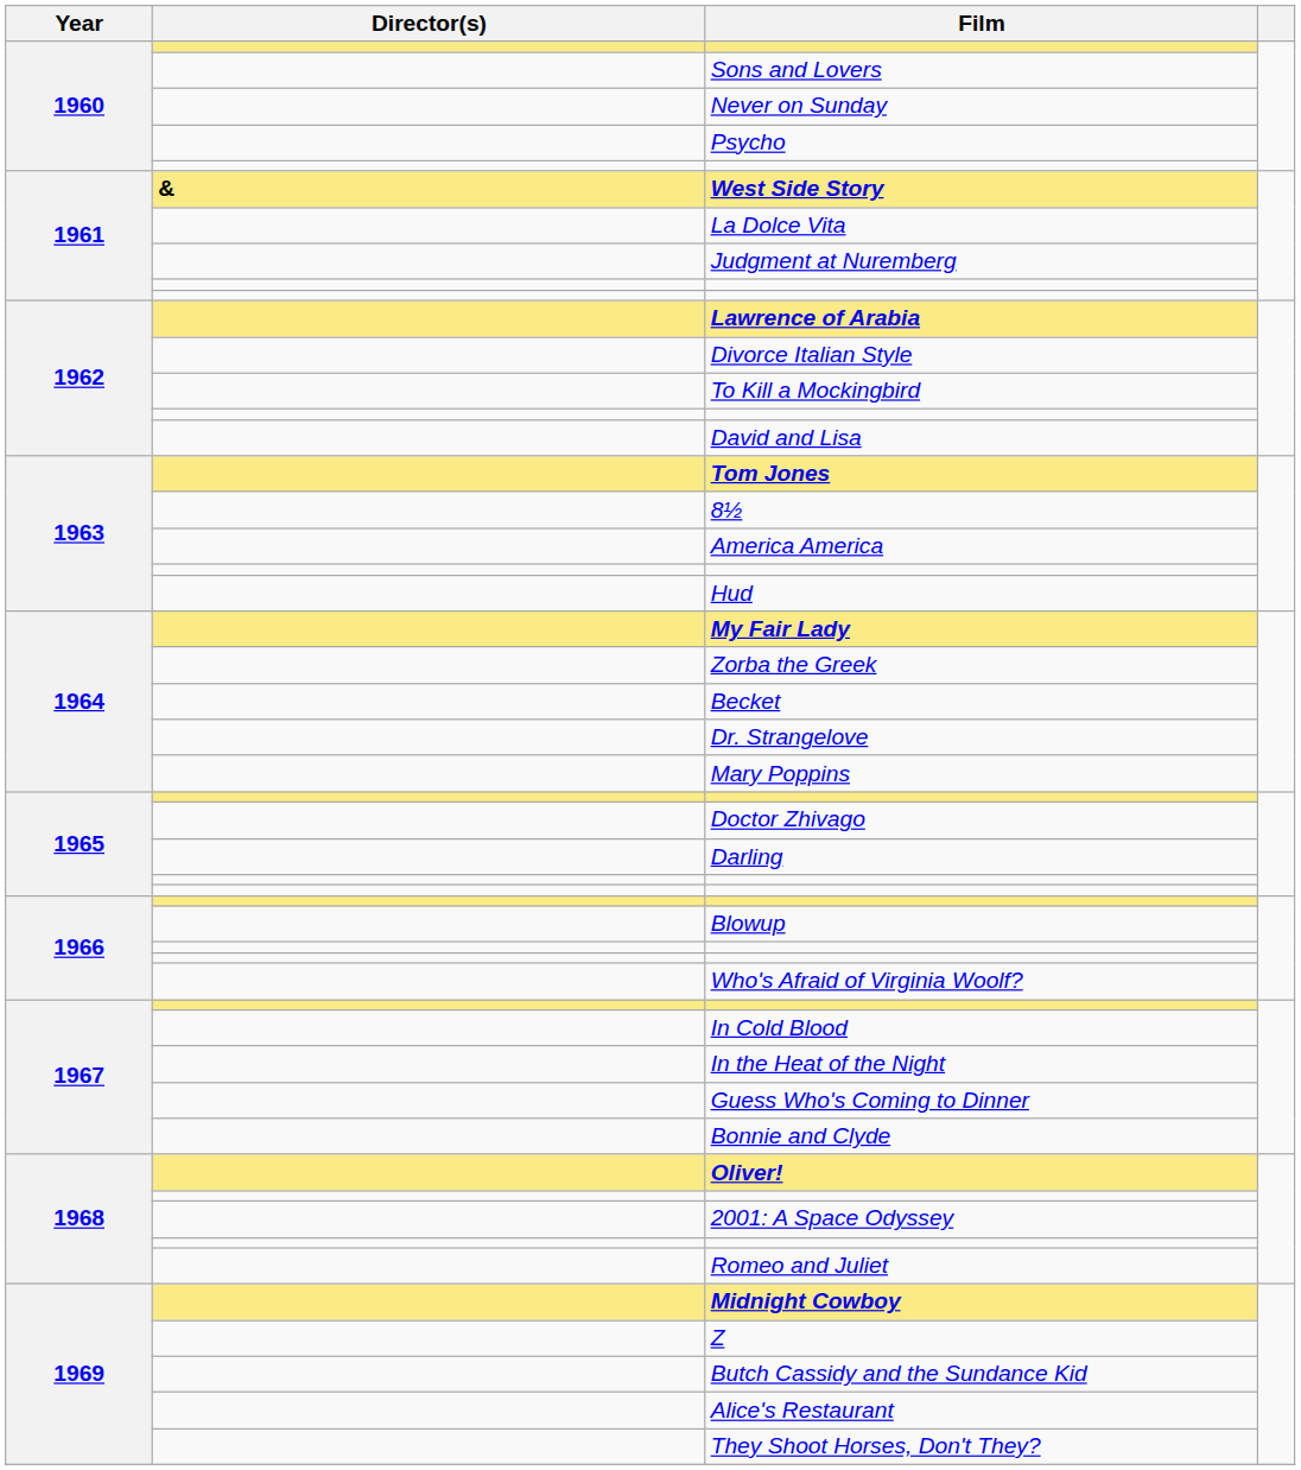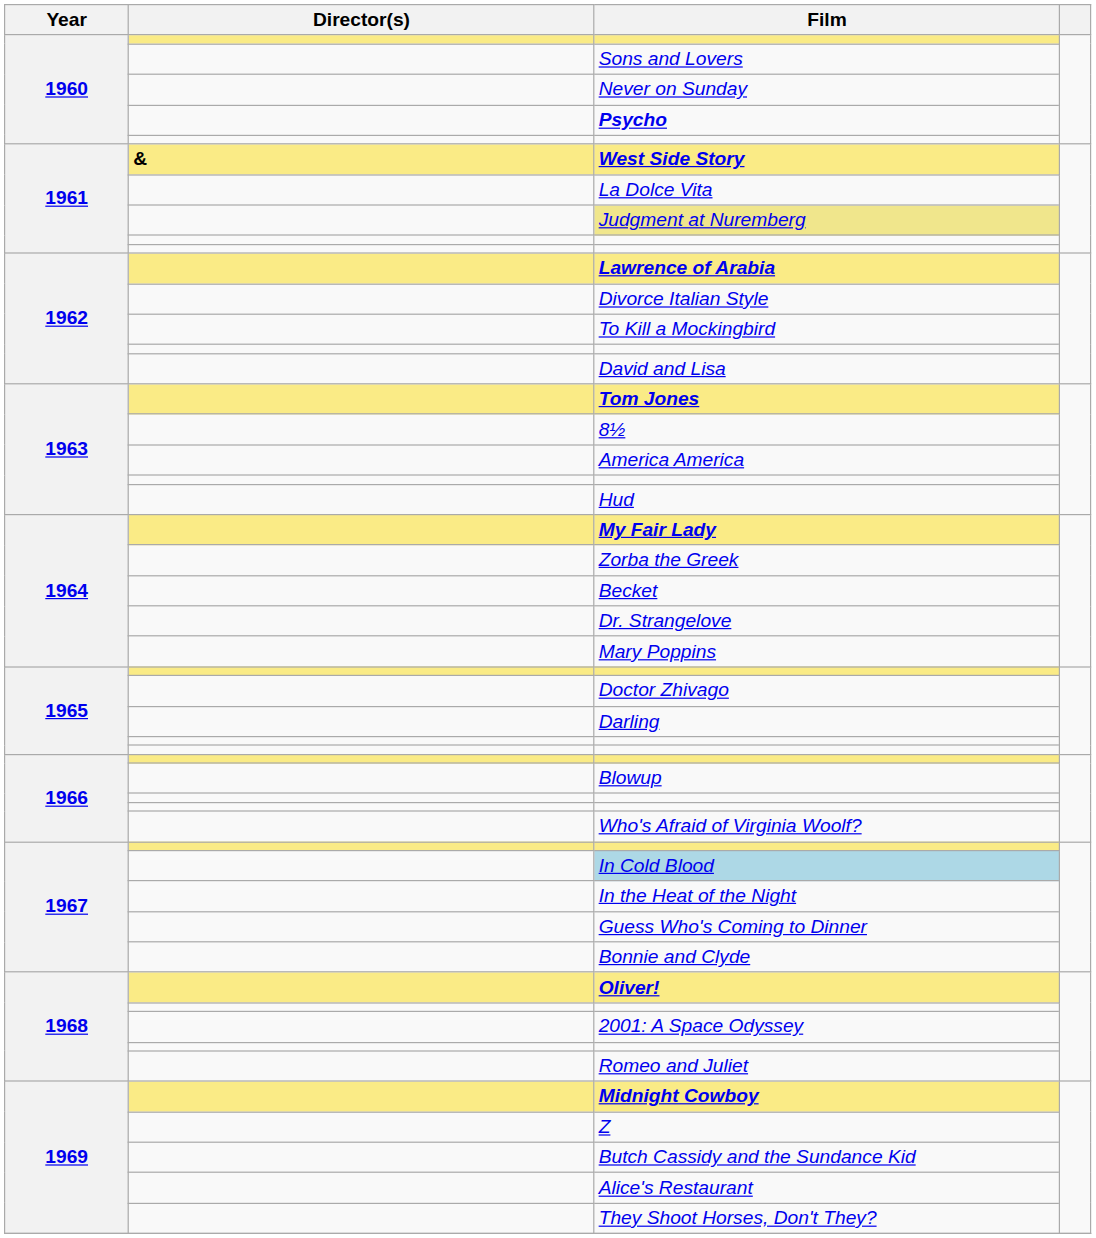 <table class="wikitable sortable">
 <tr>
 <th scope="col" style="width:8%;">Year</th>
 <th scope="col" style="width:30%;">Director(s)</th>
 <th scope="col" style="width:30%;">Film</th>
 <th scope="col" style="width:2%;" class="unsortable"></th>
 </tr>
 <tr>
 <th scope="row" rowspan=5 style="text-align:center;"><a href='#'>1960</a><br></th>
 <td style="background:#FAEB86;"><strong></strong></td>
 <td style="background:#FAEB86;"><strong></strong></td>
 <td rowspan="5"></td>
 </tr>
 <tr>
 <td></td>
 <td><em><a href='#'>Sons and Lovers</a></em></td>
 </tr>
 <tr>
 <td></td>
 <td><em><a href='#'>Never on Sunday</a></em></td>
 </tr>
 <tr>
 <td></td>
-<td><em><a href='#'>Psycho</a></em></td>
+<td><strong><em><a href='#'>Psycho</a></em></strong></td>
 </tr>
 <tr>
 <td></td>
 <td></td>
 </tr>
 <tr>
 <th scope="row" rowspan=5 style="text-align:center;"><a href='#'>1961</a><br></th>
 <td style="background:#FAEB86;"><strong> & </strong></td>
 <td style="background:#FAEB86;"><strong><em><a href='#'>West Side Story</a></em></strong></td>
 <td rowspan="5"></td>
 </tr>
 <tr>
 <td></td>
 <td><em><a href='#'>La Dolce Vita</a></em></td>
 </tr>
 <tr>
 <td></td>
-<td><em><a href='#'>Judgment at Nuremberg</a></em></td>
+<td style="background: khaki;"><em><a href='#'>Judgment at Nuremberg</a></em></td>
 </tr>
 <tr>
 <td></td>
 <td></td>
 </tr>
 <tr>
 <td></td>
 <td></td>
 </tr>
 <tr>
 <th scope="row" rowspan=5 style="text-align:center;"><a href='#'>1962</a><br></th>
 <td style="background:#FAEB86;"><strong></strong></td>
 <td style="background:#FAEB86;"><strong><em><a href='#'>Lawrence of Arabia</a></em></strong></td>
 <td rowspan="5"></td>
 </tr>
 <tr>
 <td></td>
 <td><em><a href='#'>Divorce Italian Style</a></em></td>
 </tr>
 <tr>
 <td></td>
 <td><em><a href='#'>To Kill a Mockingbird</a></em></td>
 </tr>
 <tr>
 <td></td>
 <td></td>
 </tr>
 <tr>
 <td></td>
 <td><em><a href='#'>David and Lisa</a></em></td>
 </tr>
 <tr>
 <th scope="row" rowspan=5 style="text-align:center;"><a href='#'>1963</a><br></th>
 <td style="background:#FAEB86;"><strong></strong></td>
 <td style="background:#FAEB86;"><strong><em><a href='#'>Tom Jones</a></em></strong></td>
 <td rowspan="5"></td>
 </tr>
 <tr>
 <td></td>
 <td><em><a href='#'>8½</a></em></td>
 </tr>
 <tr>
 <td></td>
 <td><em><a href='#'>America America</a></em></td>
 </tr>
 <tr>
 <td></td>
 <td></td>
 </tr>
 <tr>
 <td></td>
 <td><em><a href='#'>Hud</a></em></td>
 </tr>
 <tr>
 <th scope="row" rowspan=5 style="text-align:center;"><a href='#'>1964</a><br></th>
 <td style="background:#FAEB86;"><strong></strong></td>
 <td style="background:#FAEB86;"><strong><em><a href='#'>My Fair Lady</a></em></strong></td>
 <td rowspan="5"></td>
 </tr>
 <tr>
 <td></td>
 <td><em><a href='#'>Zorba the Greek</a></em></td>
 </tr>
 <tr>
 <td></td>
 <td><em><a href='#'>Becket</a></em></td>
 </tr>
 <tr>
 <td></td>
 <td><em><a href='#'>Dr. Strangelove</a></em></td>
 </tr>
 <tr>
 <td></td>
 <td><em><a href='#'>Mary Poppins</a></em></td>
 </tr>
 <tr>
 <th scope="row" rowspan=5 style="text-align:center;"><a href='#'>1965</a><br></th>
 <td style="background:#FAEB86;"><strong></strong></td>
 <td style="background:#FAEB86;"><strong></strong></td>
 <td rowspan="5"></td>
 </tr>
 <tr>
 <td></td>
 <td><em><a href='#'>Doctor Zhivago</a></em></td>
 </tr>
 <tr>
 <td></td>
 <td><em><a href='#'>Darling</a></em></td>
 </tr>
 <tr>
 <td></td>
 <td></td>
 </tr>
 <tr>
 <td></td>
 <td></td>
 </tr>
 <tr>
 <th scope="row" rowspan=5 style="text-align:center;"><a href='#'>1966</a><br></th>
 <td style="background:#FAEB86;"><strong></strong></td>
 <td style="background:#FAEB86;"><strong></strong></td>
 <td rowspan="5"></td>
 </tr>
 <tr>
 <td></td>
 <td><em><a href='#'>Blowup</a></em></td>
 </tr>
 <tr>
 <td></td>
 <td></td>
 </tr>
 <tr>
 <td></td>
 <td></td>
 </tr>
 <tr>
 <td></td>
 <td><em><a href='#'>Who's Afraid of Virginia Woolf?</a></em></td>
 </tr>
 <tr>
 <th scope="row" rowspan=5 style="text-align:center;"><a href='#'>1967</a><br></th>
 <td style="background:#FAEB86;"><strong></strong></td>
 <td style="background:#FAEB86;"><strong></strong></td>
 <td rowspan="5"></td>
 </tr>
 <tr>
 <td></td>
-<td><em><a href='#'>In Cold Blood</a></em></td>
+<td style="background: lightblue;"><em><a href='#'>In Cold Blood</a></em></td>
 </tr>
 <tr>
 <td></td>
 <td><em><a href='#'>In the Heat of the Night</a></em></td>
 </tr>
 <tr>
 <td></td>
 <td><em><a href='#'>Guess Who's Coming to Dinner</a></em></td>
 </tr>
 <tr>
 <td></td>
 <td><em><a href='#'>Bonnie and Clyde</a></em></td>
 </tr>
 <tr>
 <th scope="row" rowspan=5 style="text-align:center;"><a href='#'>1968</a><br></th>
 <td style="background:#FAEB86;"><strong></strong></td>
 <td style="background:#FAEB86;"><strong><em><a href='#'>Oliver!</a></em></strong></td>
 <td rowspan="5"></td>
 </tr>
 <tr>
 <td></td>
 <td></td>
 </tr>
 <tr>
 <td></td>
 <td><em><a href='#'>2001: A Space Odyssey</a></em></td>
 </tr>
 <tr>
 <td></td>
 <td></td>
 </tr>
 <tr>
 <td></td>
 <td><em><a href='#'>Romeo and Juliet</a></em></td>
 </tr>
 <tr>
 <th scope="row" rowspan=5 style="text-align:center;"><a href='#'>1969</a><br></th>
 <td style="background:#FAEB86;"><strong></strong></td>
 <td style="background:#FAEB86;"><strong><em><a href='#'>Midnight Cowboy</a></em></strong></td>
 <td rowspan="5"></td>
 </tr>
 <tr>
 <td></td>
 <td><em><a href='#'>Z</a></em></td>
 </tr>
 <tr>
 <td></td>
 <td><em><a href='#'>Butch Cassidy and the Sundance Kid</a></em></td>
 </tr>
 <tr>
 <td></td>
 <td><em><a href='#'>Alice's Restaurant</a></em></td>
 </tr>
 <tr>
 <td></td>
 <td><em><a href='#'>They Shoot Horses, Don't They?</a></em></td>
 </tr>
 <tr>
 </tr>
 </table>
